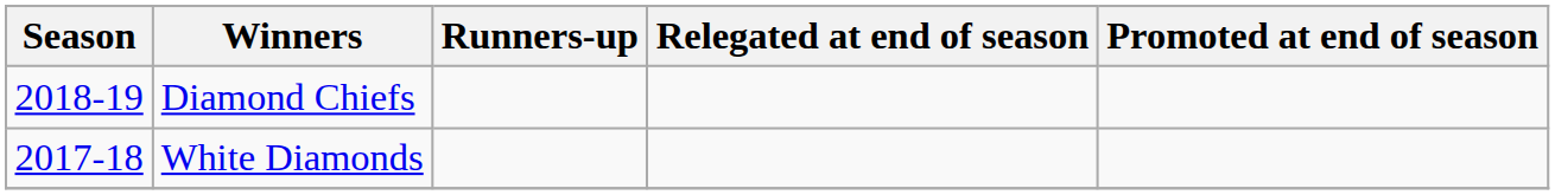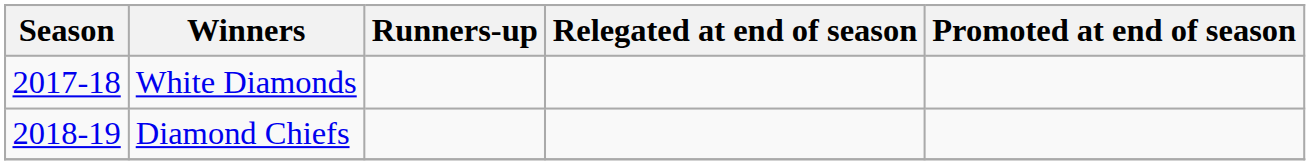 <table class="wikitable sortable">
 <tr>
 <th>Season</th>
 <th>Winners</th>
 <th>Runners-up</th>
 <th>Relegated at end of season</th>
 <th>Promoted at end of season</th>
 </tr>
 <tr>
+<td><a href='#'>2017-18</a></td>
+<td><a href='#'>White Diamonds</a></td>
+<td></td>
+<td></td>
+<td></td>
+</tr>
+<tr>
 <td><a href='#'>2018-19</a></td>
 <td><a href='#'>Diamond Chiefs</a></td>
 <td></td>
 <td></td>
 <td></td>
 </tr>
 <tr>
-<td><a href='#'>2017-18</a></td>
-<td><a href='#'>White Diamonds</a></td>
-<td></td>
-<td></td>
-<td></td>
-</tr>
-<tr>
 </tr>
 </table>
